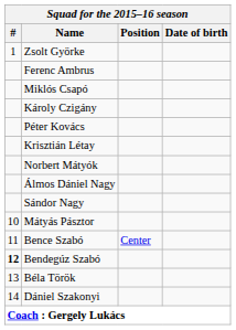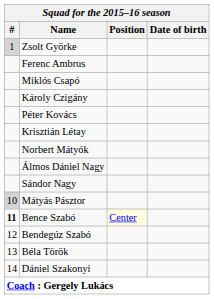 <table class="wikitable" style="font-size:95%; text-align:left;">
 <tr>
 <th colspan=6><em>Squad for the 2015–16 season</em></th>
 </tr>
 <tr>
 <th>#</th>
 <th>Name</th>
 <th>Position</th>
 <th>Date of birth</th>
 </tr>
 <tr>
-<td align=center>1</td>
+<td align=center style="background: lightgrey;">1</td>
 <td> Zsolt Györke</td>
 <td><a href='#'></a></td>
 <td></td>
 </tr>
 <tr>
 <td align=center></td>
 <td> Ferenc Ambrus</td>
 <td><a href='#'></a></td>
 <td></td>
 </tr>
 <tr>
 <td align=center></td>
 <td> Miklós Csapó</td>
 <td></td>
 <td></td>
 </tr>
 <tr>
 <td align=center></td>
 <td> Károly Czigány</td>
 <td></td>
 <td></td>
 </tr>
 <tr>
 <td align=center></td>
 <td> Péter Kovács</td>
 <td></td>
 <td></td>
 </tr>
 <tr>
 <td align=center></td>
 <td> Krisztián Létay</td>
 <td></td>
 <td></td>
 </tr>
 <tr>
 <td align=center></td>
 <td> Norbert Mátyók</td>
 <td></td>
 <td></td>
 </tr>
 <tr>
 <td align=center></td>
 <td> Álmos Dániel Nagy</td>
 <td></td>
 <td></td>
 </tr>
 <tr>
 <td align=center></td>
 <td> Sándor Nagy</td>
 <td></td>
 <td></td>
 </tr>
 <tr>
-<td>10</td>
+<td style="background: lightgrey;">10</td>
 <td> Mátyás Pásztor</td>
 <td></td>
 <td></td>
 </tr>
 <tr>
-<td>11</td>
+<td><strong>11</strong></td>
 <td> Bence Szabó</td>
-<td><a href='#'>Center</a></td>
+<td style="background: lightyellow;"><a href='#'>Center</a></td>
 <td></td>
 </tr>
 <tr>
-<td><strong>12</strong></td>
+<td>12</td>
 <td> Bendegúz Szabó</td>
 <td></td>
 <td></td>
 </tr>
 <tr>
 <td>13</td>
 <td> Béla Török</td>
 <td></td>
 <td></td>
 </tr>
 <tr>
 <td>14</td>
 <td> Dániel Szakonyi</td>
 <td><a href='#'></a></td>
 <td></td>
 </tr>
 <tr>
 <th colspan="4" style="margin:0.7em;color:black;text-align:left;background:white"><a href='#'>Coach</a> :  Gergely Lukács</th>
 </tr>
 </table>
